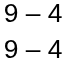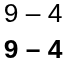 <table style="text-align:center">
 <tr>
 <th width=200></th>
 <th width=100></th>
 <th width=200></th>
 </tr>
 <tr>
 <td align=right><strong></strong></td>
 <td>9 – 4</td>
 <td align=left></td>
 </tr>
 <tr>
 <td align=right><strong></strong></td>
-<td>9 – 4</td>
+<td><strong>9 – 4</strong></td>
 <td align=left></td>
 </tr>
 </table>
